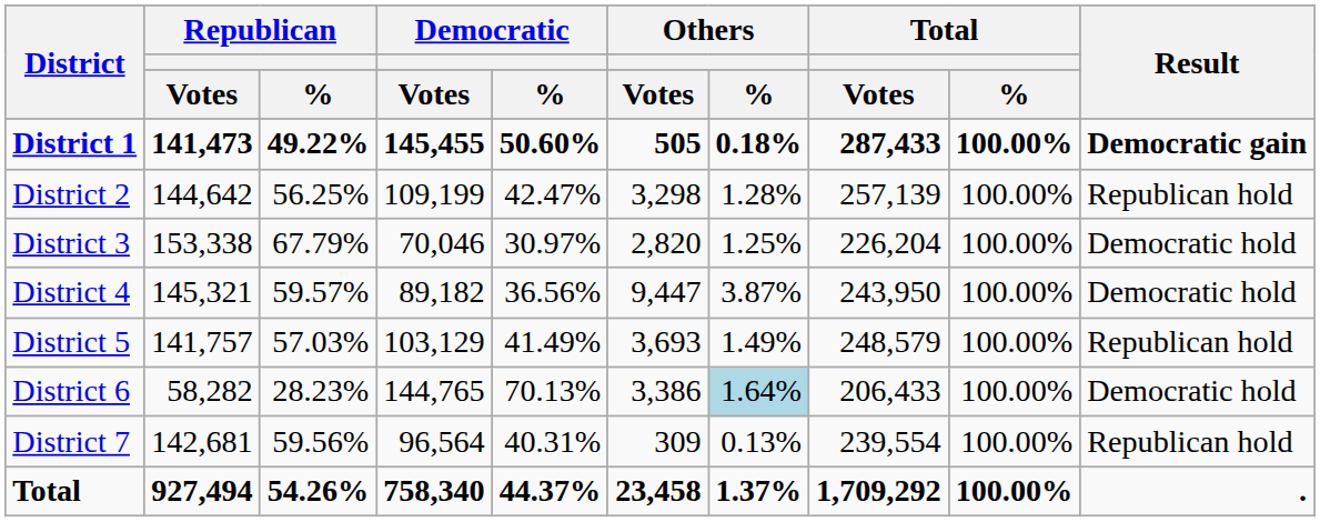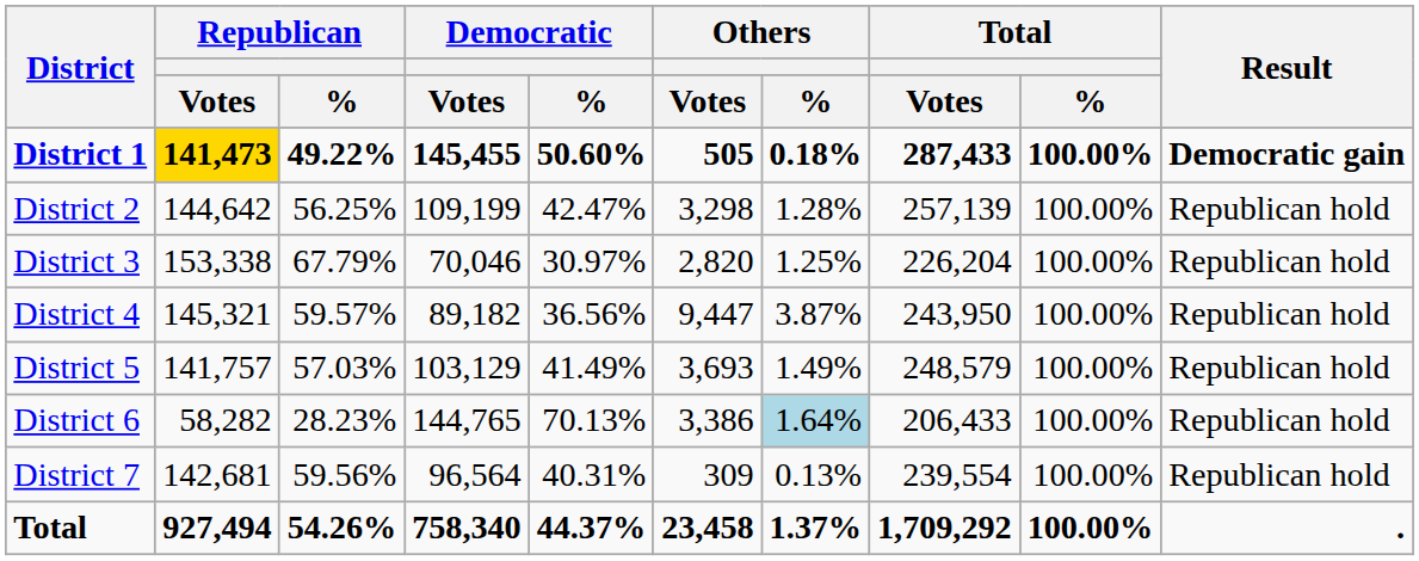 <table class="wikitable plainrowheaders sortable" style="font-size:100%; text-align:right;">
 <tr>
 <th scope=col rowspan=3><a href='#'>District</a></th>
 <th scope=col colspan=2><a href='#'>Republican</a></th>
 <th scope=col colspan=2><a href='#'>Democratic</a></th>
 <th scope=col colspan=2>Others</th>
 <th scope=col colspan=2>Total</th>
 <th scope=col rowspan=3>Result</th>
 </tr>
 <tr>
 <th scope=col colspan=2 style="background:"></th>
 <th scope=col colspan=2 style="background:"></th>
 <th scope=col colspan=2></th>
 <th scope=col colspan=2></th>
 </tr>
 <tr>
 <th scope=col data-sort-type="number">Votes</th>
 <th scope=col data-sort-type="number">%</th>
 <th scope=col data-sort-type="number">Votes</th>
 <th scope=col data-sort-type="number">%</th>
 <th scope=col data-sort-type="number">Votes</th>
 <th scope=col data-sort-type="number">%</th>
 <th scope=col data-sort-type="number">Votes</th>
 <th scope=col data-sort-type="number">%</th>
 </tr>
 <tr>
 <td align=left><strong><a href='#'>District 1</a></strong></td>
-<td><strong>141,473</strong></td>
+<td style="background: gold;"><strong>141,473</strong></td>
 <td><strong>49.22%</strong></td>
 <td><strong>145,455</strong></td>
 <td><strong>50.60%</strong></td>
 <td><strong>505</strong></td>
 <td><strong>0.18%</strong></td>
 <td><strong>287,433</strong></td>
 <td><strong>100.00%</strong></td>
 <td align=left><strong>Democratic gain</strong></td>
 </tr>
 <tr>
 <td align=left><a href='#'>District 2</a></td>
 <td>144,642</td>
 <td>56.25%</td>
 <td>109,199</td>
 <td>42.47%</td>
 <td>3,298</td>
 <td>1.28%</td>
 <td>257,139</td>
 <td>100.00%</td>
 <td align=left>Republican hold</td>
 </tr>
 <tr>
 <td align=left><a href='#'>District 3</a></td>
 <td>153,338</td>
 <td>67.79%</td>
 <td>70,046</td>
 <td>30.97%</td>
 <td>2,820</td>
 <td>1.25%</td>
 <td>226,204</td>
 <td>100.00%</td>
-<td align=left>Democratic hold</td>
+<td align=left>Republican hold</td>
 </tr>
 <tr>
 <td align=left><a href='#'>District 4</a></td>
 <td>145,321</td>
 <td>59.57%</td>
 <td>89,182</td>
 <td>36.56%</td>
 <td>9,447</td>
 <td>3.87%</td>
 <td>243,950</td>
 <td>100.00%</td>
-<td align=left>Democratic hold</td>
+<td align=left>Republican hold</td>
 </tr>
 <tr>
 <td align=left><a href='#'>District 5</a></td>
 <td>141,757</td>
 <td>57.03%</td>
 <td>103,129</td>
 <td>41.49%</td>
 <td>3,693</td>
 <td>1.49%</td>
 <td>248,579</td>
 <td>100.00%</td>
 <td align=left>Republican hold</td>
 </tr>
 <tr>
 <td align=left><a href='#'>District 6</a></td>
 <td>58,282</td>
 <td>28.23%</td>
 <td>144,765</td>
 <td>70.13%</td>
 <td>3,386</td>
 <td style="background: lightblue;">1.64%</td>
 <td>206,433</td>
 <td>100.00%</td>
-<td align=left>Democratic hold</td>
+<td align=left>Republican hold</td>
 </tr>
 <tr>
 <td align=left><a href='#'>District 7</a></td>
 <td>142,681</td>
 <td>59.56%</td>
 <td>96,564</td>
 <td>40.31%</td>
 <td>309</td>
 <td>0.13%</td>
 <td>239,554</td>
 <td>100.00%</td>
 <td align=left>Republican hold</td>
 </tr>
 <tr class="sortbottom" style="font-weight:bold">
 <td align=left>Total</td>
 <td>927,494</td>
 <td>54.26%</td>
 <td>758,340</td>
 <td>44.37%</td>
 <td>23,458</td>
 <td>1.37%</td>
 <td>1,709,292</td>
 <td>100.00%</td>
 <td>.</td>
 </tr>
 </table>
